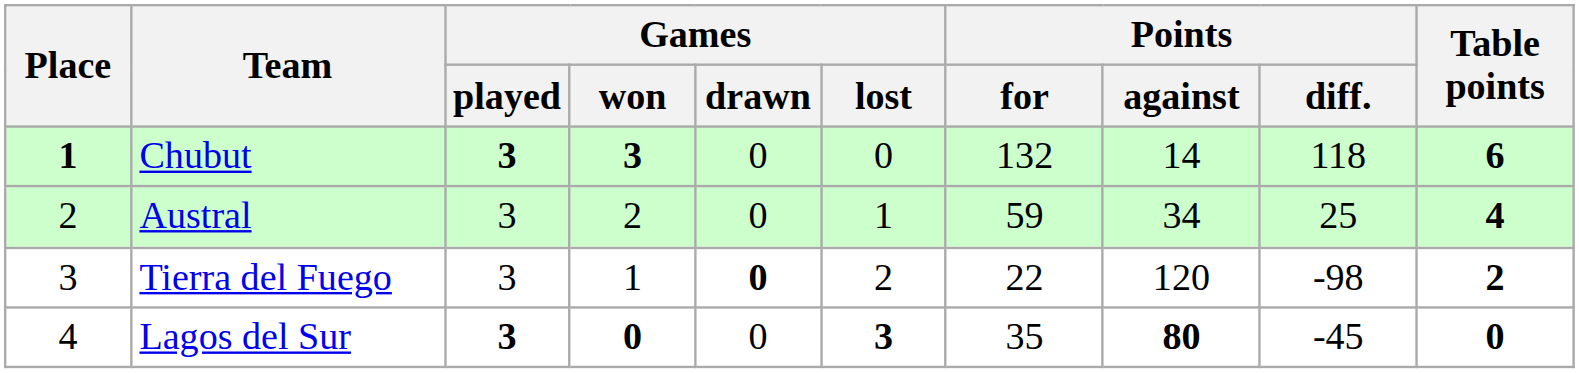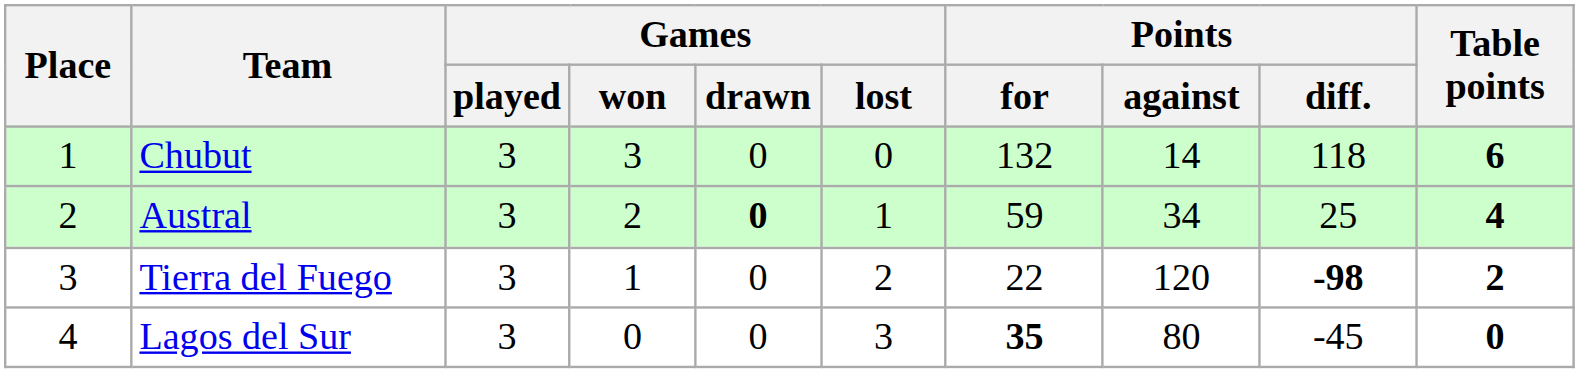 <table class="wikitable">
 <tr>
 <th rowspan=2 width="8%">Place</th>
 <th rowspan=2 width="20%">Team</th>
 <th colspan=4 width="32%">Games</th>
 <th colspan=3 width="30%">Points</th>
 <th rowspan=2 width="10%">Table<br>points</th>
 </tr>
 <tr>
 <th width="8%">played</th>
 <th width="8%">won</th>
 <th width="8%">drawn</th>
 <th width="8%">lost</th>
 <th width="10%">for</th>
 <th width="10%">against</th>
 <th width="10%">diff.</th>
 </tr>
 <tr align=center style="background: #ccffcc;">
-<td><strong>1</strong></td>
+<td>1</td>
 <td align=left><a href='#'>Chubut</a></td>
-<td><strong>3</strong></td>
-<td><strong>3</strong></td>
+<td>3</td>
+<td>3</td>
 <td>0</td>
 <td>0</td>
 <td>132</td>
 <td>14</td>
 <td>118</td>
 <td><strong>6</strong></td>
 </tr>
 <tr align=center style="background: #ccffcc;">
 <td>2</td>
 <td align=left><a href='#'>Austral</a></td>
 <td>3</td>
 <td>2</td>
-<td>0</td>
+<td><strong>0</strong></td>
 <td>1</td>
 <td>59</td>
 <td>34</td>
 <td>25</td>
 <td><strong>4</strong></td>
 </tr>
 <tr align=center style="background: #ffffff;">
 <td>3</td>
 <td align=left><a href='#'>Tierra del Fuego</a></td>
 <td>3</td>
 <td>1</td>
-<td><strong>0</strong></td>
+<td>0</td>
 <td>2</td>
 <td>22</td>
 <td>120</td>
-<td>-98</td>
+<td><strong>-98</strong></td>
 <td><strong>2</strong></td>
 </tr>
 <tr align=center style="background: #ffffff;">
 <td>4</td>
 <td align=left><a href='#'>Lagos del Sur</a></td>
-<td><strong>3</strong></td>
-<td><strong>0</strong></td>
+<td>3</td>
 <td>0</td>
-<td><strong>3</strong></td>
-<td>35</td>
-<td><strong>80</strong></td>
+<td>0</td>
+<td>3</td>
+<td><strong>35</strong></td>
+<td>80</td>
 <td>-45</td>
 <td><strong>0</strong></td>
 </tr>
 </table>
